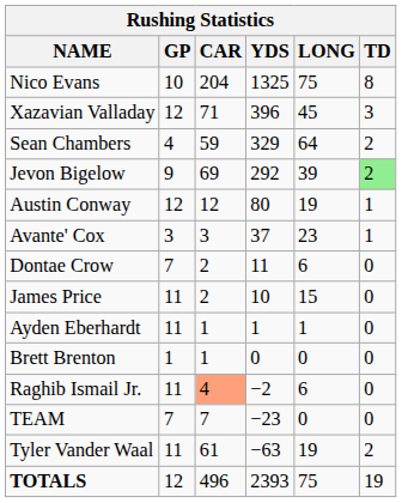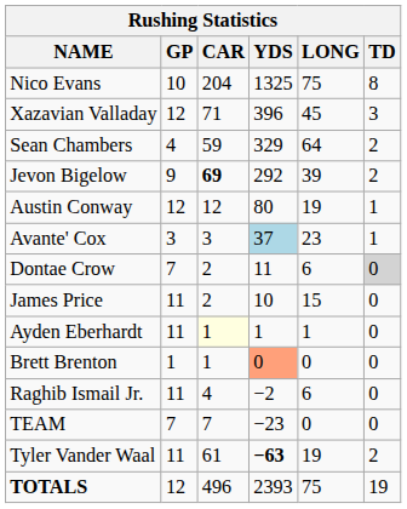 <table class="wikitable sortable collapsible collapsed">
 <tr>
 <th colspan="7">Rushing Statistics</th>
 </tr>
 <tr>
 <th>NAME</th>
 <th>GP</th>
 <th>CAR</th>
 <th>YDS</th>
 <th>LONG</th>
 <th>TD</th>
 </tr>
 <tr>
 <td>Nico Evans</td>
 <td>10</td>
 <td>204</td>
 <td>1325</td>
 <td>75</td>
 <td>8</td>
 </tr>
 <tr>
 <td>Xazavian Valladay</td>
 <td>12</td>
 <td>71</td>
 <td>396</td>
 <td>45</td>
 <td>3</td>
 </tr>
 <tr>
 <td>Sean Chambers</td>
 <td>4</td>
 <td>59</td>
 <td>329</td>
 <td>64</td>
 <td>2</td>
 </tr>
 <tr>
 <td>Jevon Bigelow</td>
 <td>9</td>
-<td>69</td>
+<td><strong>69</strong></td>
 <td>292</td>
 <td>39</td>
-<td style="background: lightgreen;">2</td>
+<td>2</td>
 </tr>
 <tr>
 <td>Austin Conway</td>
 <td>12</td>
 <td>12</td>
 <td>80</td>
 <td>19</td>
 <td>1</td>
 </tr>
 <tr>
 <td>Avante' Cox</td>
 <td>3</td>
 <td>3</td>
-<td>37</td>
+<td style="background: lightblue;">37</td>
 <td>23</td>
 <td>1</td>
 </tr>
 <tr>
 <td>Dontae Crow</td>
 <td>7</td>
 <td>2</td>
 <td>11</td>
 <td>6</td>
-<td>0</td>
+<td style="background: lightgrey;">0</td>
 </tr>
 <tr>
 <td>James Price</td>
 <td>11</td>
 <td>2</td>
 <td>10</td>
 <td>15</td>
 <td>0</td>
 </tr>
 <tr>
 <td>Ayden Eberhardt</td>
 <td>11</td>
-<td>1</td>
+<td style="background: lightyellow;">1</td>
 <td>1</td>
 <td>1</td>
 <td>0</td>
 </tr>
 <tr>
 <td>Brett Brenton</td>
 <td>1</td>
 <td>1</td>
-<td>0</td>
+<td style="background: lightsalmon;">0</td>
 <td>0</td>
 <td>0</td>
 </tr>
 <tr>
 <td>Raghib Ismail Jr.</td>
 <td>11</td>
-<td style="background: lightsalmon;">4</td>
+<td>4</td>
 <td>−2</td>
 <td>6</td>
 <td>0</td>
 </tr>
 <tr>
 <td>TEAM</td>
 <td>7</td>
 <td>7</td>
 <td>−23</td>
 <td>0</td>
 <td>0</td>
 </tr>
 <tr>
 <td>Tyler Vander Waal</td>
 <td>11</td>
 <td>61</td>
-<td>−63</td>
+<td><strong>−63</strong></td>
 <td>19</td>
 <td>2</td>
 </tr>
 <tr>
 <td><strong>TOTALS</strong></td>
 <td>12</td>
 <td>496</td>
 <td>2393</td>
 <td>75</td>
 <td>19</td>
 </tr>
 </table>
